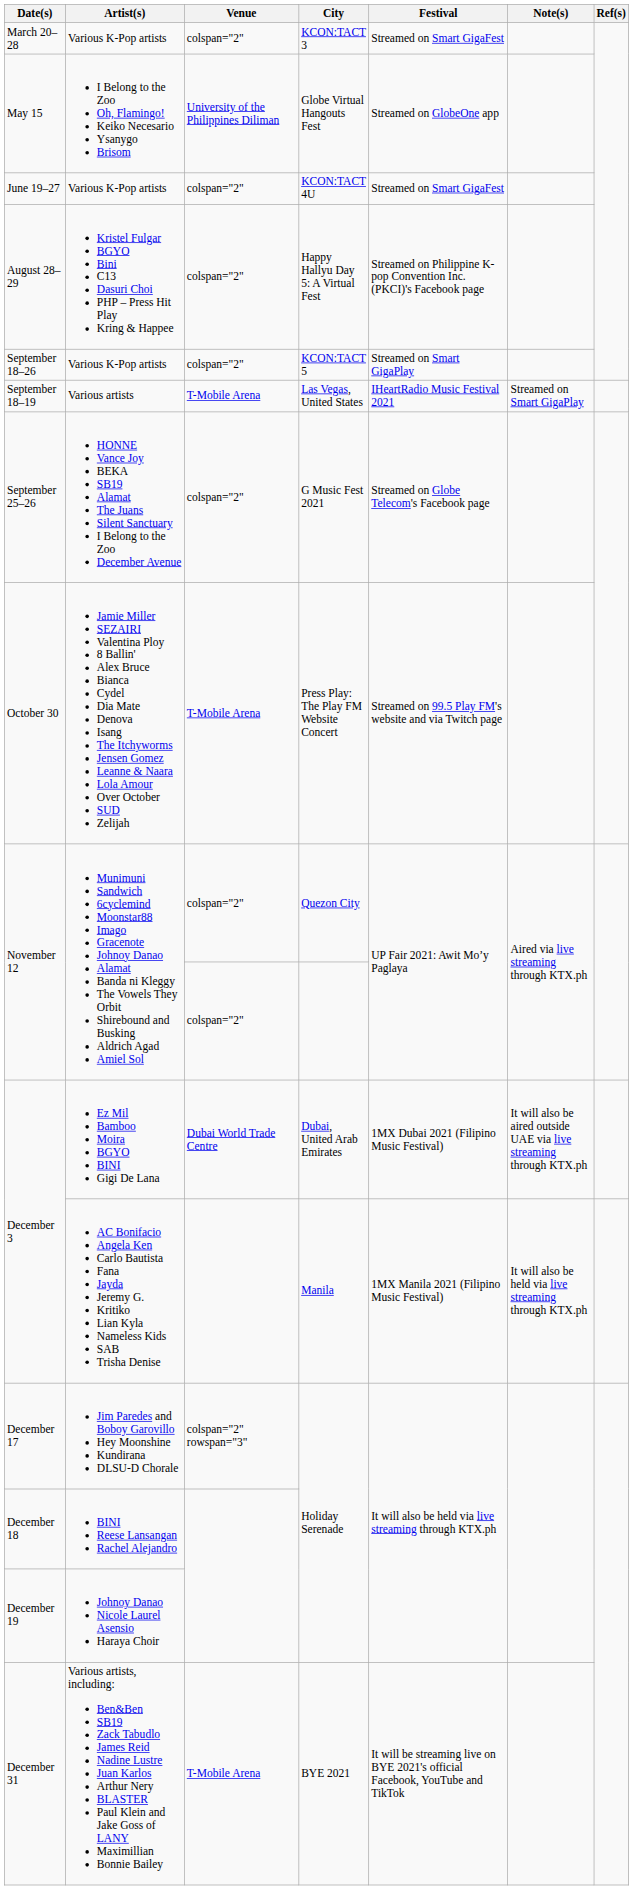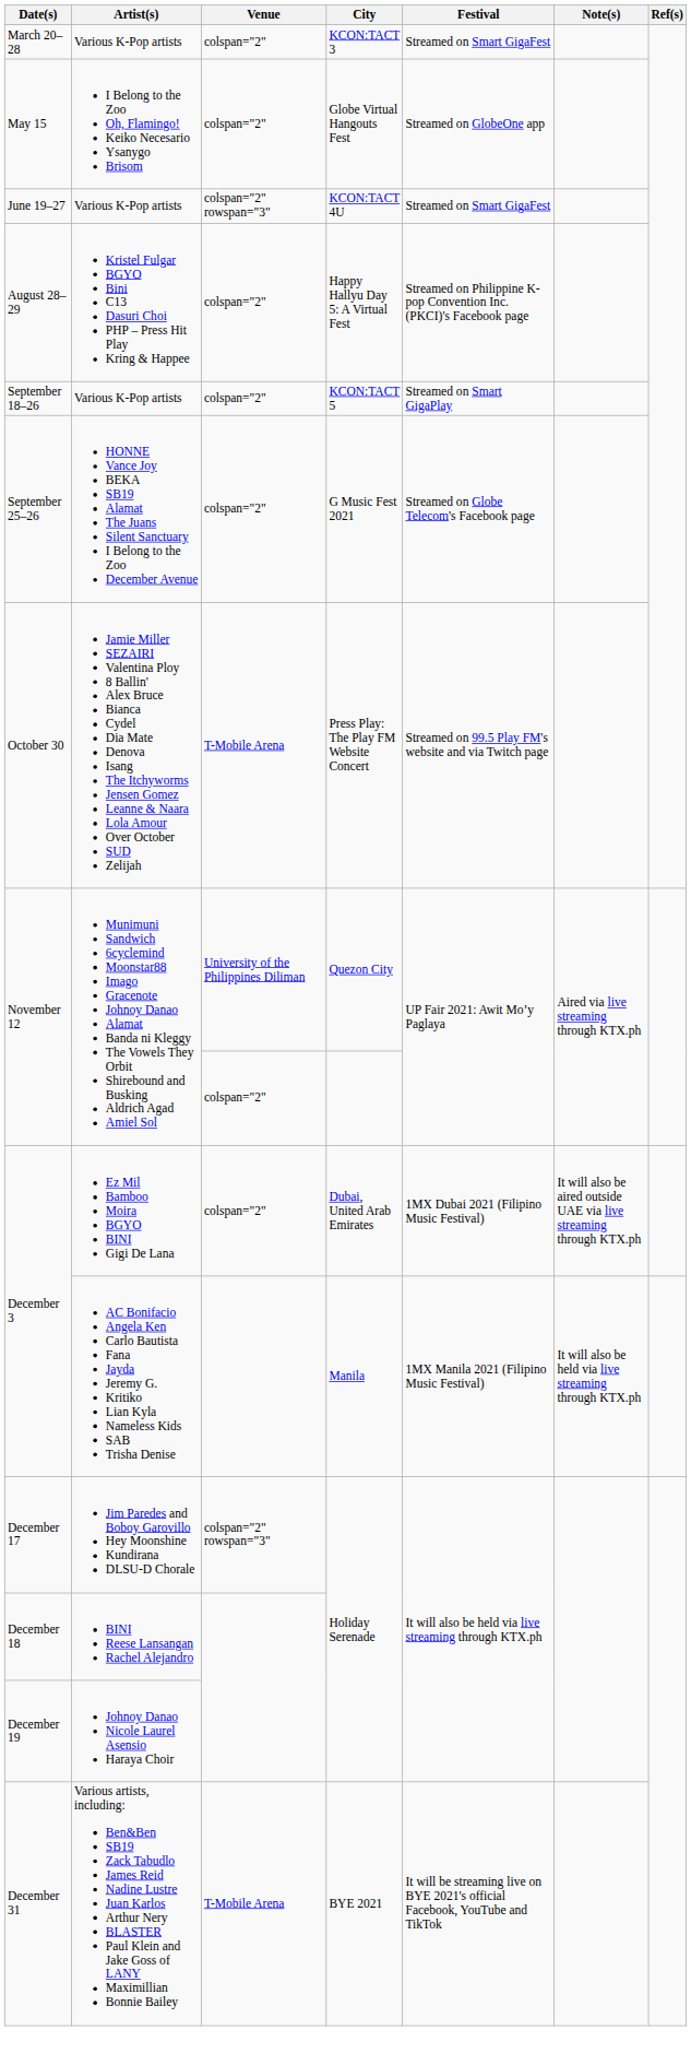 <table class="wikitable sortable" style="font-size: 100%; width=100%;" style="text-align:center;">
 <tr>
 <th class="unsortable" style="width: 10%;" scope="col">Date(s)</th>
 <th class="unsortable" style="width: 20%;" scope="col">Artist(s)</th>
 <th style="width: 20%;" scope="col">Venue</th>
 <th style="width: 10%;" scope="col">City</th>
 <th style="width: 25%;" scope="col">Festival</th>
 <th style="width: 30%;" scope="col">Note(s)</th>
 <th style="width: 1%;" scope="col">Ref(s)</th>
 </tr>
 <tr>
 <td>March 20–28</td>
 <td>Various K-Pop artists</td>
 <td>colspan="2" </td>
 <td><a href='#'>KCON:TACT</a> 3</td>
 <td>Streamed on <a href='#'>Smart GigaFest</a></td>
 <td></td>
 </tr>
 <tr>
 <td>May 15</td>
 <td><br><ul><li>I Belong to the Zoo</li><li><a href='#'>Oh, Flamingo!</a></li><li>Keiko Necesario</li><li>Ysanygo</li><li><a href='#'>Brisom</a></li></ul></td>
-<td><a href='#'>University of the Philippines Diliman</a></td>
+<td>colspan="2" </td>
 <td>Globe Virtual Hangouts Fest</td>
 <td>Streamed on <a href='#'>GlobeOne</a> app</td>
 <td></td>
 </tr>
 <tr>
 <td>June 19–27</td>
 <td>Various K-Pop artists</td>
-<td>colspan="2" </td>
+<td>colspan="2" rowspan="3" </td>
 <td><a href='#'>KCON:TACT</a> 4U</td>
 <td>Streamed on <a href='#'>Smart GigaFest</a></td>
 <td></td>
 </tr>
 <tr>
 <td>August 28–29</td>
 <td><br><ul><li><a href='#'>Kristel Fulgar</a></li><li><a href='#'>BGYO</a></li><li><a href='#'>Bini</a></li><li>C13</li><li><a href='#'>Dasuri Choi</a></li><li>PHP – Press Hit Play</li><li>Kring & Happee</li></ul></td>
 <td>colspan="2" </td>
 <td>Happy Hallyu Day 5: A Virtual Fest</td>
 <td>Streamed on Philippine K-pop Convention Inc. (PKCI)'s Facebook page</td>
 <td></td>
 </tr>
 <tr>
 <td>September 18–26</td>
 <td>Various K-Pop artists</td>
 <td>colspan="2" </td>
 <td><a href='#'>KCON:TACT</a> 5</td>
-<td>Streamed on <a href='#'>Smart GigaPlay</a></td>
-<td></td>
-</tr>
-<tr>
-<td>September 18–19</td>
-<td>Various artists</td>
-<td><a href='#'>T-Mobile Arena</a></td>
-<td><a href='#'>Las Vegas</a>, United States</td>
-<td><a href='#'>IHeartRadio Music Festival 2021</a></td>
 <td>Streamed on <a href='#'>Smart GigaPlay</a></td>
 <td></td>
 </tr>
 <tr>
 <td>September 25–26</td>
 <td><br><ul><li><a href='#'>HONNE</a></li><li><a href='#'>Vance Joy</a></li><li>BEKA</li><li><a href='#'>SB19</a></li><li><a href='#'>Alamat</a></li><li><a href='#'>The Juans</a></li><li><a href='#'>Silent Sanctuary</a></li><li>I Belong to the Zoo</li><li><a href='#'>December Avenue</a></li></ul></td>
 <td>colspan="2" </td>
 <td>G Music Fest 2021</td>
 <td>Streamed on <a href='#'>Globe Telecom</a>'s Facebook page</td>
 <td></td>
 </tr>
 <tr>
 <td>October 30</td>
 <td><br><ul><li><a href='#'>Jamie Miller</a></li><li><a href='#'>SEZAIRI</a></li><li>Valentina Ploy</li><li>8 Ballin'</li><li>Alex Bruce</li><li>Bianca</li><li>Cydel</li><li>Dia Mate</li><li>Denova</li><li>Isang</li><li><a href='#'>The Itchyworms</a></li><li><a href='#'>Jensen Gomez</a></li><li><a href='#'>Leanne & Naara</a></li><li><a href='#'>Lola Amour</a></li><li>Over October</li><li><a href='#'>SUD</a></li><li>Zelijah</li></ul></td>
 <td><a href='#'>T-Mobile Arena</a></td>
 <td>Press Play: The Play FM Website Concert</td>
 <td>Streamed on <a href='#'>99.5 Play FM</a>'s website and via Twitch page</td>
 <td></td>
 </tr>
 <tr>
 <td rowspan="2">November 12</td>
 <td rowspan="2"><br><ul><li><a href='#'>Munimuni</a></li><li><a href='#'>Sandwich</a></li><li><a href='#'>6cyclemind</a></li><li><a href='#'>Moonstar88</a></li><li><a href='#'>Imago</a></li><li><a href='#'>Gracenote</a></li><li><a href='#'>Johnoy Danao</a></li><li><a href='#'>Alamat</a></li><li>Banda ni Kleggy</li><li>The Vowels They Orbit</li><li>Shirebound and Busking</li><li>Aldrich Agad</li><li><a href='#'>Amiel Sol</a></li></ul></td>
-<td>colspan="2" </td>
+<td><a href='#'>University of the Philippines Diliman</a></td>
 <td><a href='#'>Quezon City</a></td>
 <td rowspan="2">UP Fair 2021: Awit Mo’y Paglaya</td>
 <td rowspan="2">Aired via <a href='#'>live streaming</a> through KTX.ph</td>
 <td rowspan="2"></td>
 </tr>
 <tr>
 <td>colspan="2" </td>
 </tr>
 <tr>
 <td rowspan="2">December 3</td>
 <td><br><ul><li><a href='#'>Ez Mil</a></li><li><a href='#'>Bamboo</a></li><li><a href='#'>Moira</a></li><li><a href='#'>BGYO</a></li><li><a href='#'>BINI</a></li><li>Gigi De Lana</li></ul></td>
-<td><a href='#'>Dubai World Trade Centre</a></td>
+<td>colspan="2" </td>
 <td><a href='#'>Dubai</a>, United Arab Emirates</td>
 <td>1MX Dubai 2021 (Filipino Music Festival)</td>
 <td>It will also be aired outside UAE via <a href='#'>live streaming</a> through KTX.ph</td>
 <td></td>
 </tr>
 <tr>
 <td><br><ul><li><a href='#'>AC Bonifacio</a></li><li><a href='#'>Angela Ken</a></li><li>Carlo Bautista</li><li>Fana</li><li><a href='#'>Jayda</a></li><li>Jeremy G.</li><li>Kritiko</li><li>Lian Kyla</li><li>Nameless Kids</li><li>SAB</li><li>Trisha Denise</li></ul></td>
 <td></td>
 <td><a href='#'>Manila</a></td>
 <td>1MX Manila 2021 (Filipino Music Festival)</td>
 <td>It will also be held via <a href='#'>live streaming</a> through KTX.ph</td>
 <td></td>
 </tr>
 <tr>
 <td>December 17</td>
 <td><br><ul><li><a href='#'>Jim Paredes</a> and <a href='#'>Boboy Garovillo</a></li><li>Hey Moonshine</li><li>Kundirana</li><li>DLSU-D Chorale</li></ul></td>
 <td>colspan="2" rowspan="3" </td>
 <td rowspan="3">Holiday Serenade</td>
 <td rowspan="3">It will also be held via <a href='#'>live streaming</a> through KTX.ph</td>
 <td rowspan="3"></td>
 </tr>
 <tr>
 <td>December 18</td>
 <td><br><ul><li><a href='#'>BINI</a></li><li><a href='#'>Reese Lansangan</a></li><li><a href='#'>Rachel Alejandro</a></li></ul></td>
 </tr>
 <tr>
 <td>December 19</td>
 <td><br><ul><li><a href='#'>Johnoy Danao</a></li><li><a href='#'>Nicole Laurel Asensio</a></li><li>Haraya Choir</li></ul></td>
 </tr>
 <tr>
 <td>December 31</td>
 <td>Various artists, including:<br><ul><li><a href='#'>Ben&Ben</a></li><li><a href='#'>SB19</a></li><li><a href='#'>Zack Tabudlo</a></li><li><a href='#'>James Reid</a></li><li><a href='#'>Nadine Lustre</a></li><li><a href='#'>Juan Karlos</a></li><li>Arthur Nery</li><li><a href='#'>BLASTER</a></li><li>Paul Klein and Jake Goss of <a href='#'>LANY</a></li><li>Maximillian</li><li>Bonnie Bailey</li></ul></td>
 <td><a href='#'>T-Mobile Arena</a></td>
 <td>BYE 2021</td>
 <td>It will be streaming live on BYE 2021's official Facebook, YouTube and TikTok</td>
 <td></td>
 </tr>
 </table>
